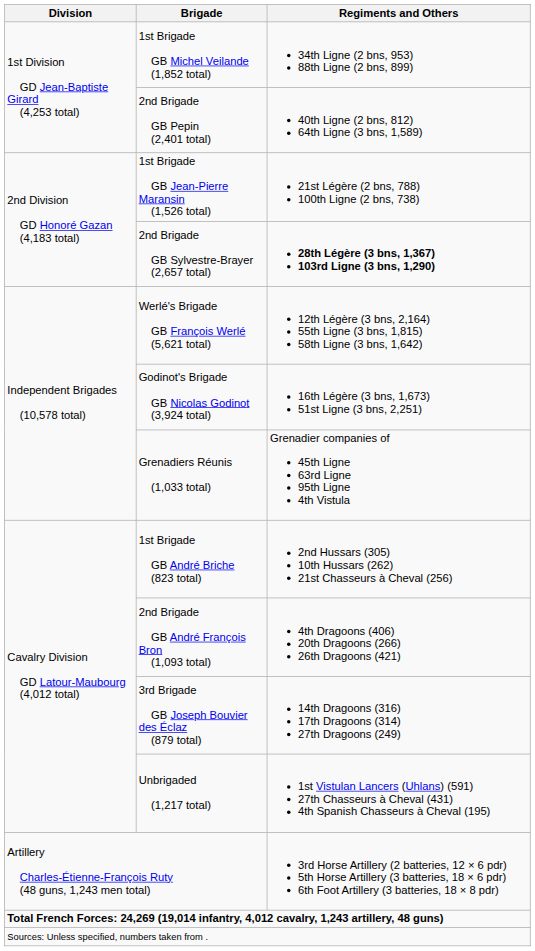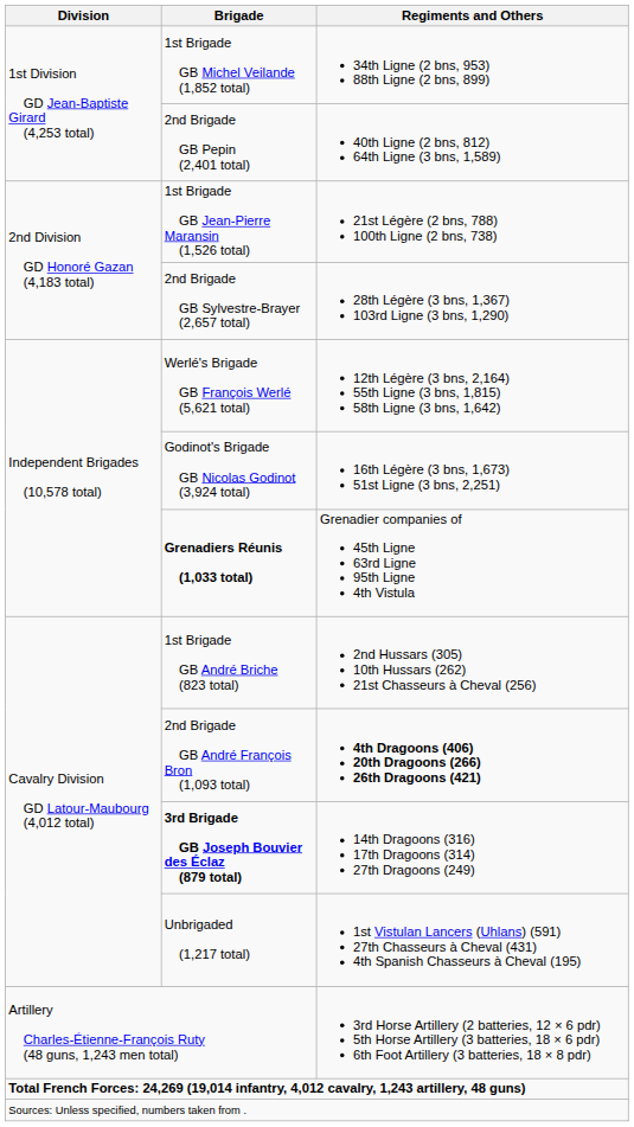 <table class="wikitable" width="85%" style="margin: 1em auto 1em auto">
 <tr>
 <th style="width:25%;">Division</th>
 <th style="width:25%;">Brigade</th>
 <th>Regiments and Others</th>
 </tr>
 <tr>
 <td rowspan=2>1st Division<br><br>    GD <a href='#'>Jean-Baptiste Girard</a> <br>    (4,253 total)</td>
 <td>1st Brigade<br><br>    GB <a href='#'>Michel Veilande</a> <br>    (1,852 total)</td>
 <td><br><ul><li>34th Ligne (2 bns, 953)</li><li>88th Ligne (2 bns, 899)</li></ul></td>
 </tr>
 <tr>
 <td>2nd Brigade<br><br>    GB Pepin <br>    (2,401 total)</td>
 <td><br><ul><li>40th Ligne (2 bns, 812)</li><li>64th Ligne (3 bns, 1,589)</li></ul></td>
 </tr>
 <tr>
 <td rowspan=2>2nd Division<br><br>    GD <a href='#'>Honoré Gazan</a> <br>    (4,183 total)</td>
 <td>1st Brigade<br><br>    GB <a href='#'>Jean-Pierre Maransin</a> <br>    (1,526 total)</td>
 <td><br><ul><li>21st Légère (2 bns, 788)</li><li>100th Ligne (2 bns, 738)</li></ul></td>
 </tr>
 <tr>
 <td>2nd Brigade<br><br>    GB Sylvestre-Brayer <br>    (2,657 total)</td>
-<td><strong><br><ul><li>28th Légère (3 bns, 1,367)</li><li>103rd Ligne (3 bns, 1,290)</li></ul></strong></td>
+<td><br><ul><li>28th Légère (3 bns, 1,367)</li><li>103rd Ligne (3 bns, 1,290)</li></ul></td>
 </tr>
 <tr>
 <td rowspan=3>Independent Brigades<br><br>    (10,578 total)</td>
 <td>Werlé's Brigade<br><br>    GB <a href='#'>François Werlé</a> <br>    (5,621 total)</td>
 <td><br><ul><li>12th Légère (3 bns, 2,164)</li><li>55th Ligne (3 bns, 1,815)</li><li>58th Ligne (3 bns, 1,642)</li></ul></td>
 </tr>
 <tr>
 <td>Godinot's Brigade<br><br>    GB <a href='#'>Nicolas Godinot</a> <br>    (3,924 total)</td>
 <td><br><ul><li>16th Légère (3 bns, 1,673)</li><li>51st Ligne (3 bns, 2,251)</li></ul></td>
 </tr>
 <tr>
-<td>Grenadiers Réunis<br><br>    (1,033 total)</td>
+<td><strong>Grenadiers Réunis<br><br>    (1,033 total)</strong></td>
 <td>Grenadier companies of<br><ul><li>45th Ligne</li><li>63rd Ligne</li><li>95th Ligne</li><li>4th Vistula</li></ul></td>
 </tr>
 <tr>
 <td rowspan=4>Cavalry Division<br><br>    GD <a href='#'>Latour-Maubourg</a> <br>    (4,012 total)</td>
 <td>1st Brigade<br><br>    GB <a href='#'>André Briche</a> <br>    (823 total)</td>
 <td><br><ul><li>2nd Hussars (305)</li><li>10th Hussars (262)</li><li>21st Chasseurs à Cheval (256)</li></ul></td>
 </tr>
 <tr>
 <td>2nd Brigade<br><br>    GB <a href='#'>André François Bron</a> <br>    (1,093 total)</td>
-<td><br><ul><li>4th Dragoons (406)</li><li>20th Dragoons (266)</li><li>26th Dragoons (421)</li></ul></td>
+<td><strong><br><ul><li>4th Dragoons (406)</li><li>20th Dragoons (266)</li><li>26th Dragoons (421)</li></ul></strong></td>
 </tr>
 <tr>
-<td>3rd Brigade<br><br>    GB <a href='#'>Joseph Bouvier des Éclaz</a> <br>    (879 total)</td>
+<td><strong>3rd Brigade<br><br>    GB <a href='#'>Joseph Bouvier des Éclaz</a> <br>    (879 total)</strong></td>
 <td><br><ul><li>14th Dragoons (316)</li><li>17th Dragoons (314)</li><li>27th Dragoons (249)</li></ul></td>
 </tr>
 <tr>
 <td>Unbrigaded<br><br>    (1,217 total)</td>
 <td><br><ul><li>1st <a href='#'>Vistulan Lancers</a> (<a href='#'>Uhlans</a>) (591)</li><li>27th Chasseurs à Cheval (431)</li><li>4th Spanish Chasseurs à Cheval (195)</li></ul></td>
 </tr>
 <tr>
 <td colspan=2>Artillery<br><br>    <a href='#'>Charles-Étienne-François Ruty</a> <br>    (48 guns, 1,243 men total)</td>
 <td><br><ul><li>3rd Horse Artillery (2 batteries, 12 × 6 pdr)</li><li>5th Horse Artillery (3 batteries, 18 × 6 pdr)</li><li>6th Foot Artillery (3 batteries, 18 × 8 pdr)</li></ul></td>
 </tr>
 <tr>
 <td colspan=3><strong>Total French Forces: 24,269 (19,014 infantry, 4,012 cavalry, 1,243 artillery, 48 guns)</strong></td>
 </tr>
 <tr>
 <td colspan=3><small>Sources: Unless specified, numbers taken from .</small></td>
 </tr>
 </table>
